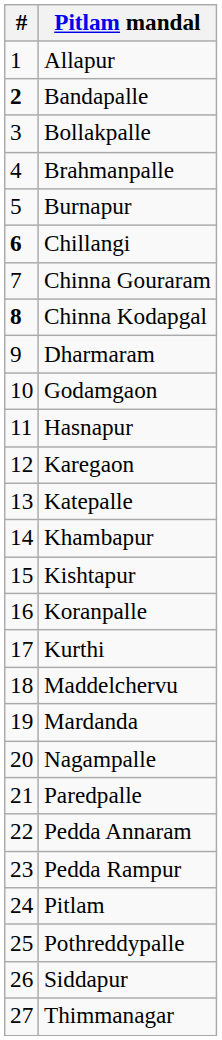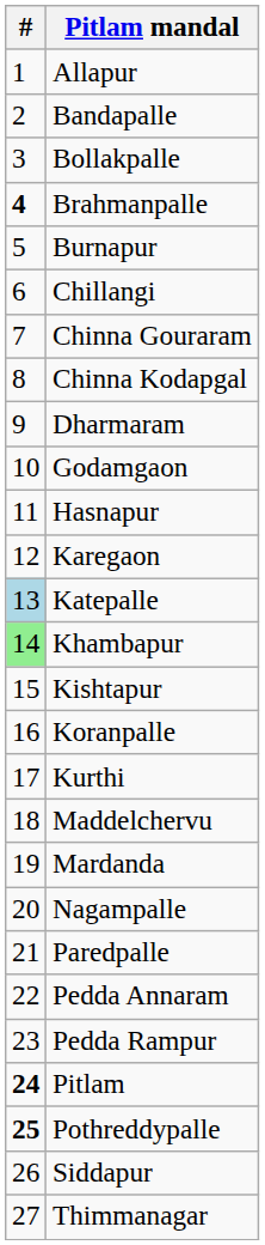 <table class="wikitable">
 <tr>
 <th>#</th>
 <th><a href='#'>Pitlam</a> mandal</th>
 </tr>
 <tr>
 <td>1</td>
 <td>Allapur</td>
 </tr>
 <tr>
-<td><strong>2</strong></td>
+<td>2</td>
 <td>Bandapalle</td>
 </tr>
 <tr>
 <td>3</td>
 <td>Bollakpalle</td>
 </tr>
 <tr>
-<td>4</td>
+<td><strong>4</strong></td>
 <td>Brahmanpalle</td>
 </tr>
 <tr>
 <td>5</td>
 <td>Burnapur</td>
 </tr>
 <tr>
-<td><strong>6</strong></td>
+<td>6</td>
 <td>Chillangi</td>
 </tr>
 <tr>
 <td>7</td>
 <td>Chinna Gouraram</td>
 </tr>
 <tr>
-<td><strong>8</strong></td>
+<td>8</td>
 <td>Chinna Kodapgal</td>
 </tr>
 <tr>
 <td>9</td>
 <td>Dharmaram</td>
 </tr>
 <tr>
 <td>10</td>
 <td>Godamgaon</td>
 </tr>
 <tr>
 <td>11</td>
 <td>Hasnapur</td>
 </tr>
 <tr>
 <td>12</td>
 <td>Karegaon</td>
 </tr>
 <tr>
-<td>13</td>
+<td style="background: lightblue;">13</td>
 <td>Katepalle</td>
 </tr>
 <tr>
-<td>14</td>
+<td style="background: lightgreen;">14</td>
 <td>Khambapur</td>
 </tr>
 <tr>
 <td>15</td>
 <td>Kishtapur</td>
 </tr>
 <tr>
 <td>16</td>
 <td>Koranpalle</td>
 </tr>
 <tr>
 <td>17</td>
 <td>Kurthi</td>
 </tr>
 <tr>
 <td>18</td>
 <td>Maddelchervu</td>
 </tr>
 <tr>
 <td>19</td>
 <td>Mardanda</td>
 </tr>
 <tr>
 <td>20</td>
 <td>Nagampalle</td>
 </tr>
 <tr>
 <td>21</td>
 <td>Paredpalle</td>
 </tr>
 <tr>
 <td>22</td>
 <td>Pedda Annaram</td>
 </tr>
 <tr>
 <td>23</td>
 <td>Pedda Rampur</td>
 </tr>
 <tr>
-<td>24</td>
+<td><strong>24</strong></td>
 <td>Pitlam</td>
 </tr>
 <tr>
-<td>25</td>
+<td><strong>25</strong></td>
 <td>Pothreddypalle</td>
 </tr>
 <tr>
 <td>26</td>
 <td>Siddapur</td>
 </tr>
 <tr>
 <td>27</td>
 <td>Thimmanagar</td>
 </tr>
 </table>
